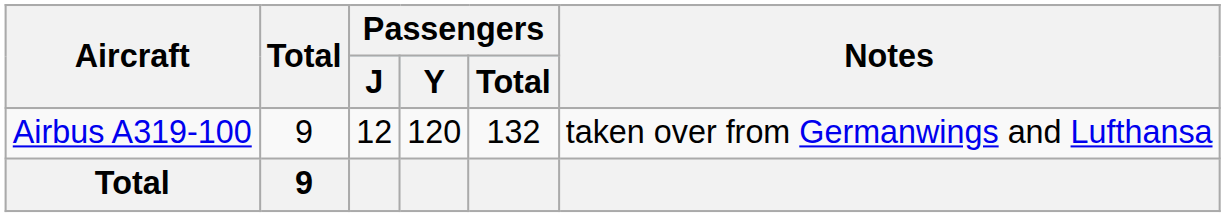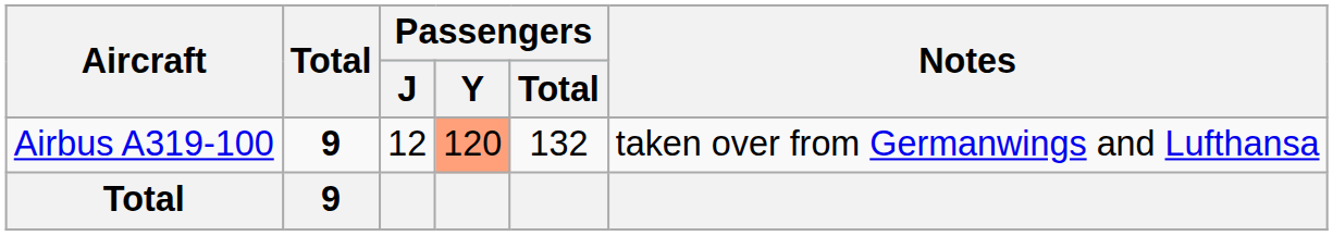 <table class="wikitable" style="margin:0.5em auto; text-align:center">
 <tr>
 <th rowspan="2">Aircraft</th>
 <th rowspan="2" align=centre width=25>Total</th>
 <th colspan="3">Passengers</th>
 <th rowspan="2">Notes</th>
 </tr>
 <tr bgcolor=lightblue>
 <th><abbr>J</abbr></th>
 <th><abbr>Y</abbr></th>
 <th>Total</th>
 </tr>
 <tr>
 <td><a href='#'>Airbus A319-100</a></td>
-<td align=center>9</td>
+<td align=center><strong>9</strong></td>
 <td align=center>12</td>
-<td align=center>120</td>
+<td align=center style="background: lightsalmon;">120</td>
 <td align=center>132</td>
 <td align=center>taken over from <a href='#'>Germanwings</a> and <a href='#'>Lufthansa</a></td>
 </tr>
 <tr>
 <th>Total</th>
 <th>9</th>
 <th></th>
 <th></th>
 <th></th>
 <th></th>
 </tr>
 </table>
